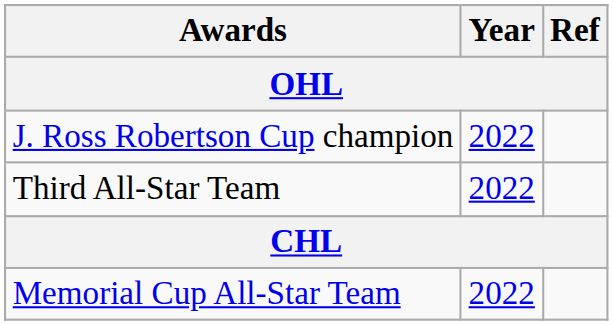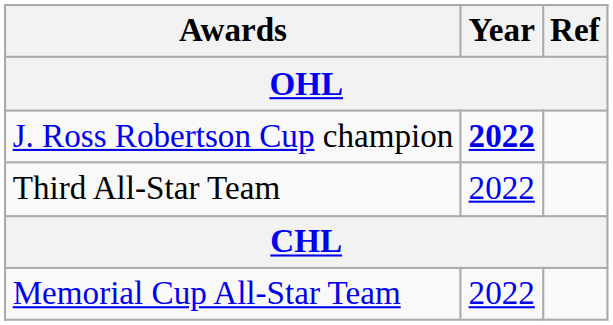 <table class="wikitable">
 <tr>
 <th>Awards</th>
 <th>Year</th>
 <th>Ref</th>
 </tr>
 <tr>
 <th colspan="3"><a href='#'>OHL</a></th>
 </tr>
 <tr>
 <td><a href='#'>J. Ross Robertson Cup</a> champion</td>
-<td><a href='#'>2022</a></td>
+<td><strong><a href='#'>2022</a></strong></td>
 <td></td>
 </tr>
 <tr>
 <td>Third All-Star Team</td>
 <td><a href='#'>2022</a></td>
 <td></td>
 </tr>
 <tr>
 <th colspan="3"><a href='#'>CHL</a></th>
 </tr>
 <tr>
 <td><a href='#'>Memorial Cup All-Star Team</a></td>
 <td><a href='#'>2022</a></td>
 <td></td>
 </tr>
 </table>
